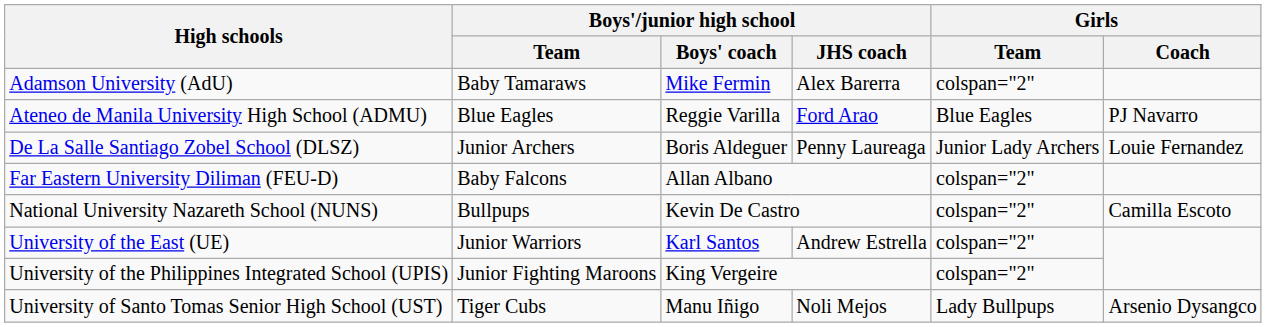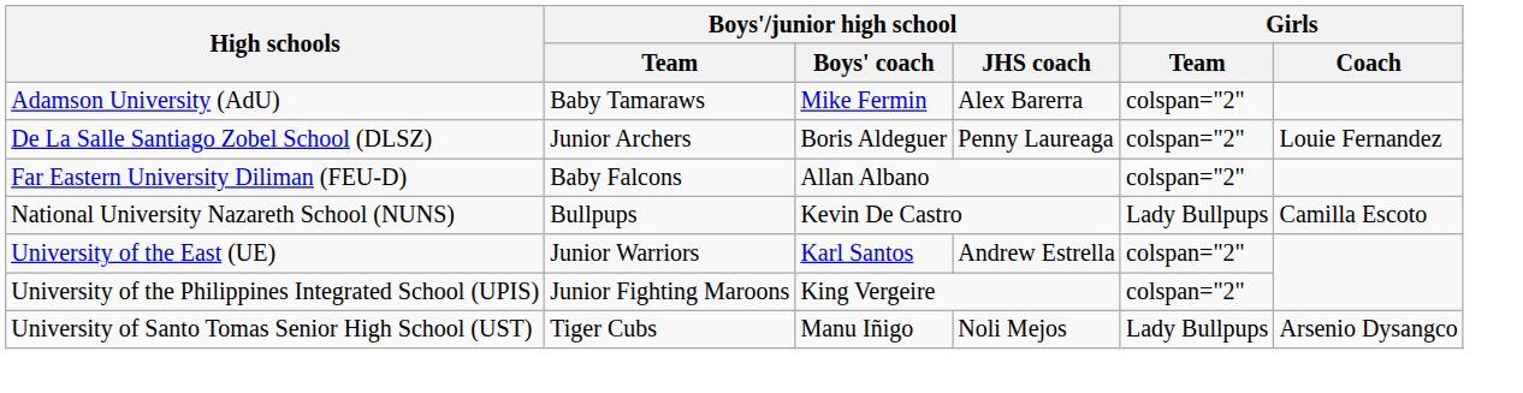 <table class="wikitable">
 <tr>
 <th rowspan="2">High schools</th>
 <th colspan="3">Boys'/junior high school</th>
 <th colspan="2">Girls</th>
 </tr>
 <tr>
 <th>Team</th>
 <th>Boys' coach</th>
 <th>JHS coach</th>
 <th>Team</th>
 <th>Coach</th>
 </tr>
 <tr>
 <td><a href='#'>Adamson University</a> (AdU)</td>
 <td>Baby Tamaraws</td>
 <td> <a href='#'>Mike Fermin</a></td>
 <td> Alex Barerra</td>
 <td>colspan="2" </td>
 </tr>
 <tr>
-<td><a href='#'>Ateneo de Manila University</a> High School (ADMU)</td>
-<td>Blue Eagles</td>
-<td> Reggie Varilla</td>
-<td> <a href='#'>Ford Arao</a></td>
-<td>Blue Eagles</td>
-<td> PJ Navarro</td>
-</tr>
-<tr>
 <td><a href='#'>De La Salle Santiago Zobel School</a> (DLSZ)</td>
 <td>Junior Archers</td>
 <td> Boris Aldeguer</td>
 <td> Penny Laureaga</td>
-<td>Junior Lady Archers</td>
+<td>colspan="2" </td>
 <td> Louie Fernandez</td>
 </tr>
 <tr>
 <td><a href='#'>Far Eastern University Diliman</a> (FEU-D)</td>
 <td>Baby Falcons</td>
 <td colspan="2"> Allan Albano</td>
 <td>colspan="2" </td>
 </tr>
 <tr>
 <td>National University Nazareth School (NUNS)</td>
 <td>Bullpups</td>
 <td colspan="2"> Kevin De Castro</td>
-<td>colspan="2" </td>
+<td>Lady Bullpups</td>
 <td> Camilla Escoto</td>
 </tr>
 <tr>
 <td><a href='#'>University of the East</a> (UE)</td>
 <td>Junior Warriors</td>
 <td> <a href='#'>Karl Santos</a></td>
 <td> Andrew Estrella</td>
 <td>colspan="2" </td>
 </tr>
 <tr>
 <td>University of the Philippines Integrated School (UPIS)</td>
 <td>Junior Fighting Maroons</td>
 <td colspan="2"> King Vergeire</td>
 <td>colspan="2" </td>
 </tr>
 <tr>
 <td>University of Santo Tomas Senior High School (UST)</td>
 <td>Tiger Cubs</td>
 <td> Manu Iñigo</td>
 <td> Noli Mejos</td>
 <td>Lady Bullpups</td>
 <td> Arsenio Dysangco</td>
 </tr>
 </table>
